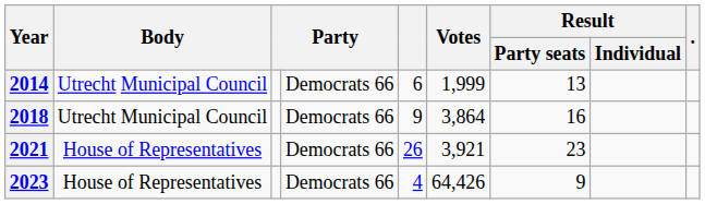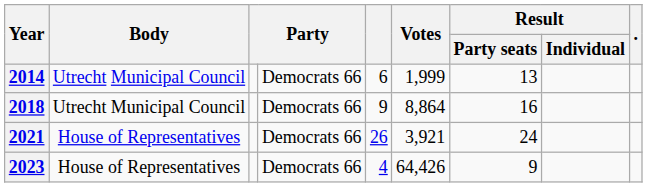 <table class="wikitable plainrowheaders sortable" border=2 cellpadding=4 cellspacing=0 style="border: 1px #aaa solid; font-size: 90%; text-align:center;">
 <tr>
 <th scope="col" rowspan=2>Year</th>
 <th scope="col" rowspan=2>Body</th>
 <th scope="col" colspan=2 rowspan=2>Party</th>
 <th scope="col" rowspan=2></th>
 <th scope="col" rowspan=2>Votes</th>
 <th scope="colgroup" colspan=2>Result</th>
 <th scope="col" rowspan=2 class="unsortable">.</th>
 </tr>
 <tr>
 <th scope="col">Party seats</th>
 <th scope="col">Individual</th>
 </tr>
 <tr>
 <th scope="row"><a href='#'>2014</a></th>
 <td><a href='#'>Utrecht</a> <a href='#'>Municipal Council</a></td>
 <td style="background-color:"></td>
 <td>Democrats 66</td>
 <td style=text-align:right>6</td>
 <td style=text-align:right>1,999</td>
 <td style=text-align:right>13</td>
 <td></td>
 <td></td>
 </tr>
 <tr>
 <th scope="row"><a href='#'>2018</a></th>
 <td>Utrecht Municipal Council</td>
 <td style="background-color:"></td>
 <td>Democrats 66</td>
 <td style=text-align:right>9</td>
-<td style=text-align:right>3,864</td>
+<td style=text-align:right>8,864</td>
 <td style=text-align:right>16</td>
 <td></td>
 <td></td>
 </tr>
 <tr>
 <th scope="row"><a href='#'>2021</a></th>
 <td><a href='#'>House of Representatives</a></td>
 <td style="background-color:"></td>
 <td>Democrats 66</td>
 <td style=text-align:right><a href='#'>26</a></td>
 <td style=text-align:right>3,921</td>
-<td style=text-align:right>23</td>
+<td style=text-align:right>24</td>
 <td></td>
 <td></td>
 </tr>
 <tr>
 <th scope="row"><a href='#'>2023</a></th>
 <td>House of Representatives</td>
 <td style="background-color:"></td>
 <td>Democrats 66</td>
 <td style=text-align:right><a href='#'>4</a></td>
 <td style=text-align:right>64,426</td>
 <td style=text-align:right>9</td>
 <td></td>
 <td></td>
 </tr>
 </table>
